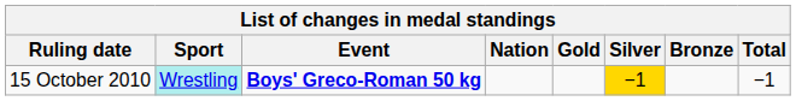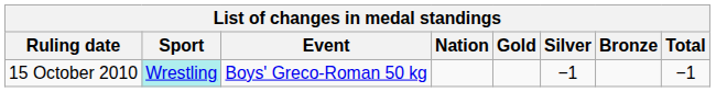 <table class="wikitable" style="text-align:center">
 <tr>
 <th colspan=8>List of changes in medal standings</th>
 </tr>
 <tr>
 <th>Ruling date</th>
 <th>Sport</th>
 <th>Event</th>
 <th>Nation</th>
 <th>Gold</th>
 <th>Silver</th>
 <th>Bronze</th>
 <th>Total</th>
 </tr>
 <tr>
 <td>15 October 2010</td>
 <td style="background: paleturquoise;"><a href='#'>Wrestling</a></td>
-<td><strong><a href='#'>Boys' Greco-Roman 50 kg</a></strong></td>
+<td><a href='#'>Boys' Greco-Roman 50 kg</a></td>
 <td align=left></td>
 <td></td>
-<td style="background: gold;">−1</td>
+<td>−1</td>
 <td></td>
 <td>−1</td>
 </tr>
 </table>
